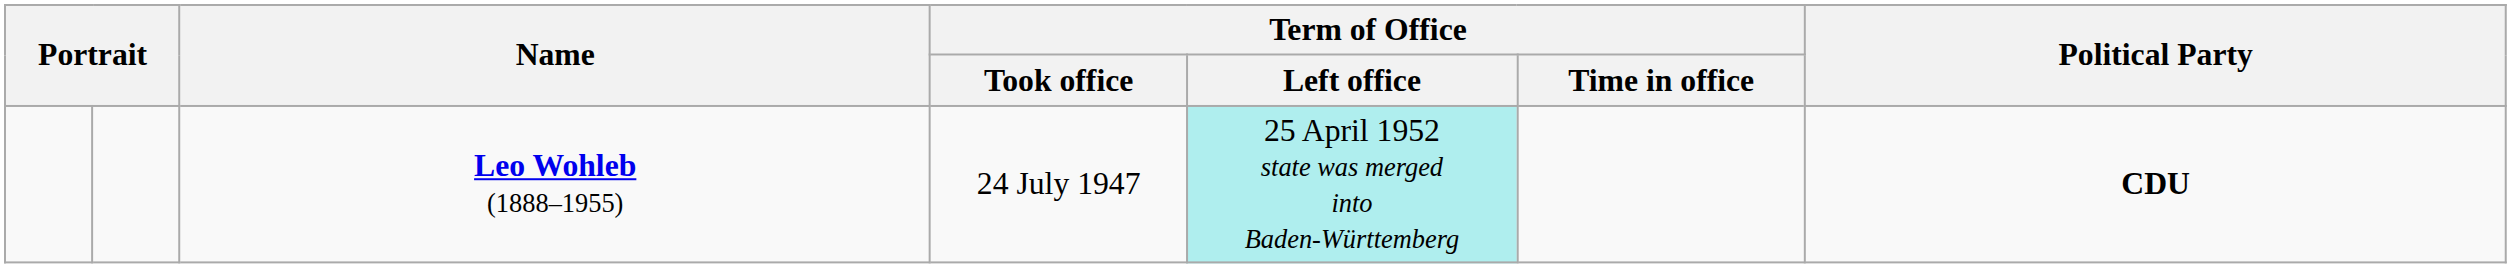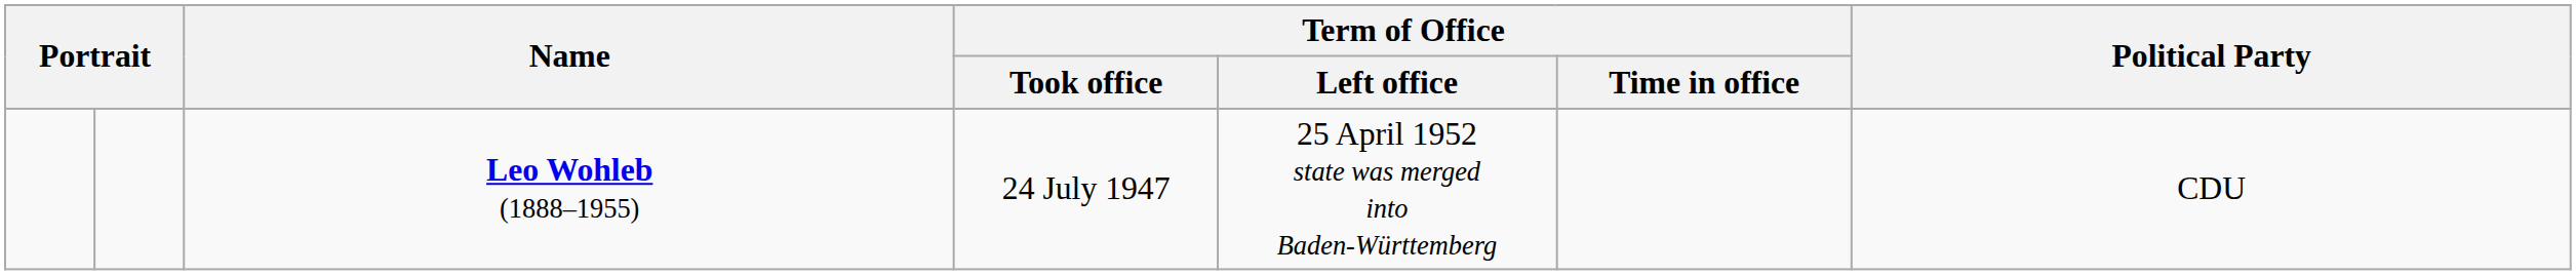 <table class="wikitable" style="text-align:center; width:100%; border:1px #AAAAFF solid">
 <tr>
 <th width=80px rowspan=2 colspan=2>Portrait</th>
 <th width=30% rowspan=2>Name<br></th>
 <th width=35% colspan=3>Term of Office</th>
 <th width=28% rowspan=2>Political Party</th>
 </tr>
 <tr>
 <th>Took office</th>
 <th>Left office</th>
 <th>Time in office</th>
 </tr>
 <tr>
 <td style="background:"></td>
 <td></td>
 <td><strong><a href='#'>Leo Wohleb</a></strong><br><small>(1888–1955)</small></td>
 <td>24 July 1947</td>
-<td style="background: paleturquoise;">25 April 1952<br><small><em>state was merged<br>into<br>Baden-Württemberg</em></small></td>
+<td>25 April 1952<br><small><em>state was merged<br>into<br>Baden-Württemberg</em></small></td>
 <td></td>
-<td><strong>CDU</strong></td>
+<td>CDU</td>
 </tr>
 </table>
